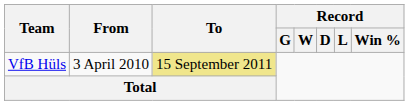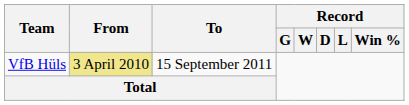 <table class="wikitable" style="text-align: center">
 <tr>
 <th rowspan="2">Team</th>
 <th rowspan="2">From</th>
 <th rowspan="2">To</th>
 <th colspan="5">Record</th>
 </tr>
 <tr>
 <th>G</th>
 <th>W</th>
 <th>D</th>
 <th>L</th>
 <th>Win %</th>
 </tr>
 <tr>
 <td align=left><a href='#'>VfB Hüls</a></td>
-<td align=left>3 April 2010</td>
-<td align=left style="background: khaki;">15 September 2011<br></td>
+<td align=left style="background: khaki;">3 April 2010</td>
+<td align=left>15 September 2011<br></td>
 </tr>
 <tr>
 <th colspan="3">Total<br></th>
 </tr>
 </table>
